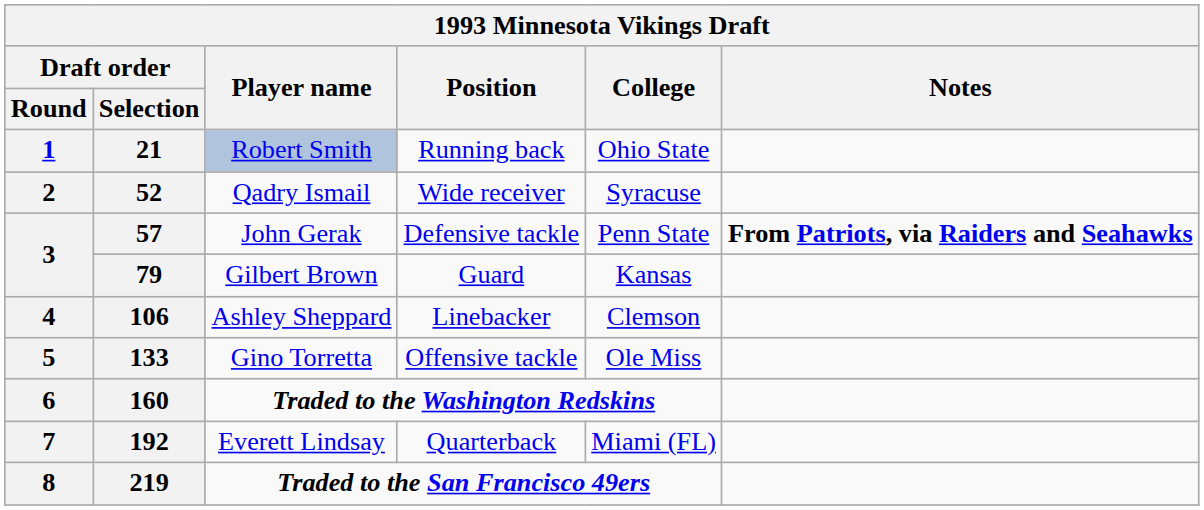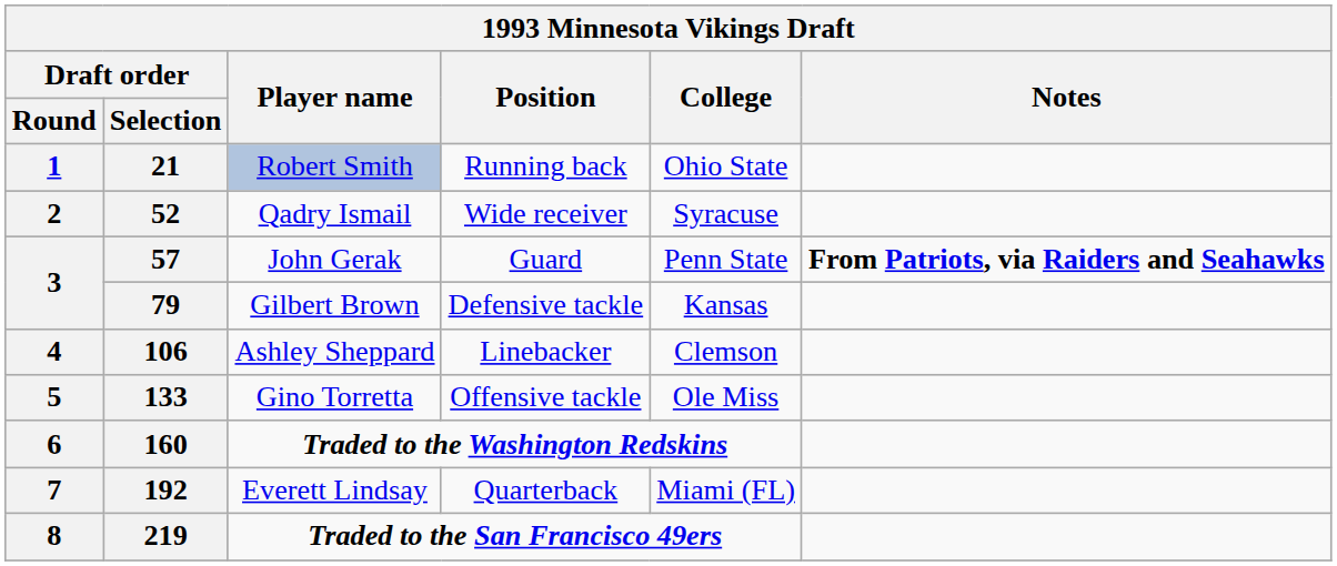 <table class="wikitable" style="text-align:center">
 <tr>
 <th colspan="6">1993 Minnesota Vikings Draft</th>
 </tr>
 <tr>
 <th colspan="2">Draft order</th>
 <th rowspan="2">Player name</th>
 <th rowspan="2">Position</th>
 <th rowspan="2">College</th>
 <th rowspan="2">Notes</th>
 </tr>
 <tr>
 <th>Round</th>
 <th>Selection</th>
 </tr>
 <tr>
 <th><a href='#'>1</a></th>
 <th>21</th>
 <td bgcolor=lightsteelblue><a href='#'>Robert Smith</a></td>
 <td><a href='#'>Running back</a></td>
 <td><a href='#'>Ohio State</a></td>
 <td></td>
 </tr>
 <tr>
 <th>2</th>
 <th>52</th>
 <td><a href='#'>Qadry Ismail</a></td>
 <td><a href='#'>Wide receiver</a></td>
 <td><a href='#'>Syracuse</a></td>
 <td></td>
 </tr>
 <tr>
 <th rowspan="2">3</th>
 <th>57</th>
 <td><a href='#'>John Gerak</a></td>
-<td><a href='#'>Defensive tackle</a></td>
+<td><a href='#'>Guard</a></td>
 <td><a href='#'>Penn State</a></td>
 <td><strong>From <a href='#'>Patriots</a>, via <a href='#'>Raiders</a> and <a href='#'>Seahawks</a></strong></td>
 </tr>
 <tr>
 <th>79</th>
 <td><a href='#'>Gilbert Brown</a></td>
-<td><a href='#'>Guard</a></td>
+<td><a href='#'>Defensive tackle</a></td>
 <td><a href='#'>Kansas</a></td>
 <td></td>
 </tr>
 <tr>
 <th>4</th>
 <th>106</th>
 <td><a href='#'>Ashley Sheppard</a></td>
 <td><a href='#'>Linebacker</a></td>
 <td><a href='#'>Clemson</a></td>
 <td></td>
 </tr>
 <tr>
 <th>5</th>
 <th>133</th>
 <td><a href='#'>Gino Torretta</a></td>
 <td><a href='#'>Offensive tackle</a></td>
 <td><a href='#'>Ole Miss</a></td>
 <td></td>
 </tr>
 <tr>
 <th>6</th>
 <th>160</th>
 <td colspan="3"><strong><em>Traded to the <a href='#'>Washington Redskins</a></em></strong></td>
 <td></td>
 </tr>
 <tr>
 <th>7</th>
 <th>192</th>
 <td><a href='#'>Everett Lindsay</a></td>
 <td><a href='#'>Quarterback</a></td>
 <td><a href='#'>Miami (FL)</a></td>
 <td></td>
 </tr>
 <tr>
 <th>8</th>
 <th>219</th>
 <td colspan="3"><strong><em>Traded to the <a href='#'>San Francisco 49ers</a></em></strong></td>
 <td></td>
 </tr>
 </table>
